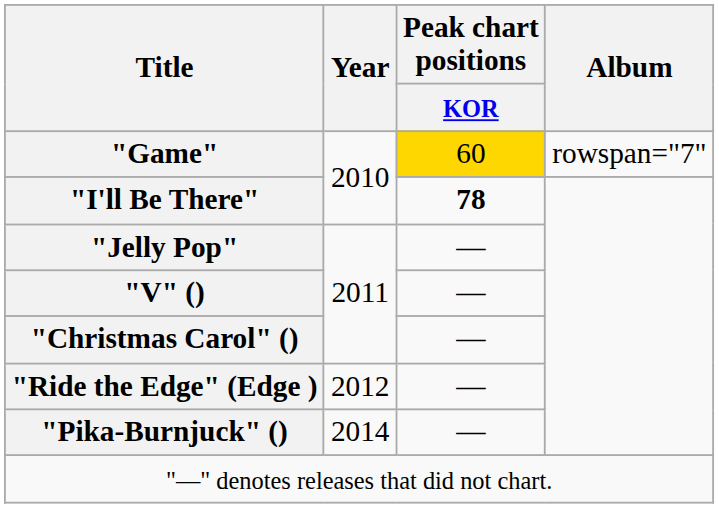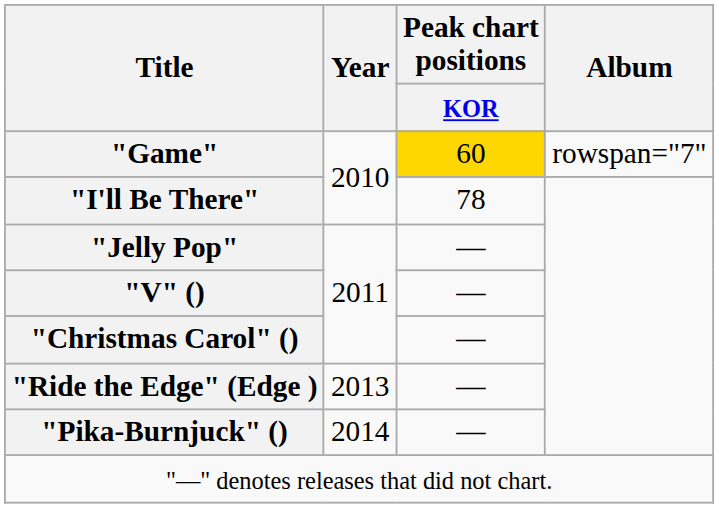 <table class="wikitable plainrowheaders" style="text-align:center;">
 <tr>
 <th scope="col" rowspan="2">Title</th>
 <th scope="col" rowspan="2">Year</th>
 <th scope="col" colspan="1">Peak chart <br> positions</th>
 <th scope="col" rowspan="2">Album</th>
 </tr>
 <tr>
 <th><small><a href='#'>KOR</a></small><br></th>
 </tr>
 <tr>
 <th scope="row">"Game"</th>
 <td rowspan="2">2010</td>
 <td style="background: gold;">60</td>
 <td>rowspan="7" </td>
 </tr>
 <tr>
 <th scope="row">"I'll Be There"</th>
-<td><strong>78</strong></td>
+<td>78</td>
 </tr>
 <tr>
 <th scope="row">"Jelly Pop"</th>
 <td rowspan="3">2011</td>
 <td>—</td>
 </tr>
 <tr>
 <th scope="row">"V" ()</th>
 <td>—</td>
 </tr>
 <tr>
 <th scope="row">"Christmas Carol" ()</th>
 <td>—</td>
 </tr>
 <tr>
 <th scope="row">"Ride the Edge" (Edge )</th>
-<td>2012</td>
+<td>2013</td>
 <td>—</td>
 </tr>
 <tr>
 <th scope="row">"Pika-Burnjuck" ()</th>
 <td>2014</td>
 <td>—</td>
 </tr>
 <tr>
 <td colspan="4" align="center"><small>"—" denotes releases that did not chart.</small></td>
 </tr>
 </table>
